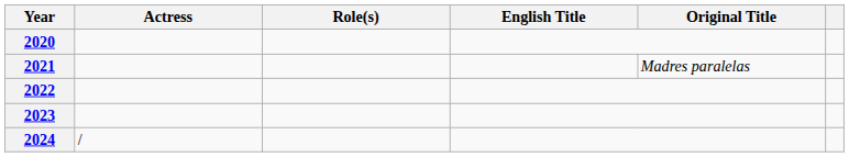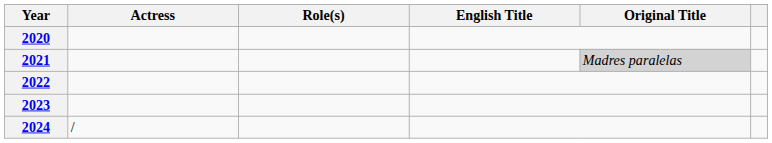 <table class="wikitable unsortable">
 <tr>
 <th scope="col" style="width:3%;">Year</th>
 <th scope="col" style="width:10%;">Actress</th>
 <th scope="col" style="width:10%;">Role(s)</th>
 <th scope="col" style="width:10%;">English Title</th>
 <th scope="col" style="width:10%;">Original Title</th>
 <th scope="col" style="width:1%;" class="unsortable"></th>
 </tr>
 <tr>
 <th scope="row" style="text-align:center"><a href='#'>2020</a></th>
 <td> </td>
 <td></td>
 <td colspan="2"></td>
 <td style="text-align:center"></td>
 </tr>
 <tr>
 <th scope="row" style="text-align:center"><a href='#'>2021</a></th>
 <td> </td>
 <td></td>
 <td></td>
-<td><em>Madres paralelas</em></td>
+<td style="background: lightgrey;"><em>Madres paralelas</em></td>
 <td style="text-align:center"></td>
 </tr>
 <tr>
 <th scope="row" style="text-align:center"><a href='#'>2022</a></th>
 <td> </td>
 <td></td>
 <td colspan="2"></td>
 <td style="text-align:center"></td>
 </tr>
 <tr>
 <th scope="row" style="text-align:center"><a href='#'>2023</a></th>
 <td> </td>
 <td></td>
 <td colspan="2"></td>
 <td style="text-align:center"></td>
 </tr>
 <tr>
 <th scope="row" style="text-align:center"><a href='#'>2024</a></th>
 <td> /  </td>
 <td></td>
 <td colspan="2"></td>
 <td style="text-align:center"></td>
 </tr>
 </table>
